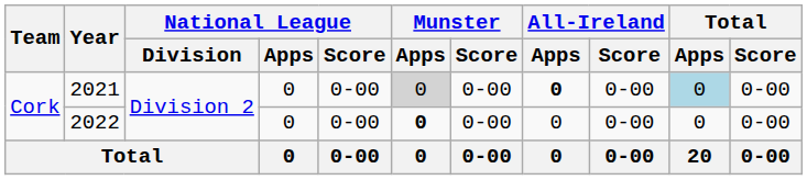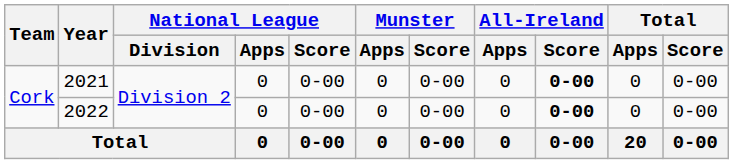 <table class="wikitable" style="text-align:center">
 <tr>
 <th rowspan="2">Team</th>
 <th rowspan="2">Year</th>
 <th colspan="3"><a href='#'>National League</a></th>
 <th colspan="2"><a href='#'>Munster</a></th>
 <th colspan="2"><a href='#'>All-Ireland</a></th>
 <th colspan="2">Total</th>
 </tr>
 <tr>
 <th>Division</th>
 <th>Apps</th>
 <th>Score</th>
 <th>Apps</th>
 <th>Score</th>
 <th>Apps</th>
 <th>Score</th>
 <th>Apps</th>
 <th>Score</th>
 </tr>
 <tr>
 <td rowspan="2"><a href='#'>Cork</a></td>
 <td>2021</td>
 <td rowspan="2"><a href='#'>Division 2</a></td>
 <td>0</td>
 <td>0-00</td>
-<td style="background: lightgrey;">0</td>
+<td>0</td>
 <td>0-00</td>
-<td><strong>0</strong></td>
-<td>0-00</td>
-<td style="background: lightblue;">0</td>
+<td>0</td>
+<td><strong>0-00</strong></td>
+<td>0</td>
 <td>0-00</td>
 </tr>
 <tr>
 <td>2022</td>
 <td>0</td>
 <td>0-00</td>
-<td><strong>0</strong></td>
+<td>0</td>
 <td>0-00</td>
 <td>0</td>
-<td>0-00</td>
+<td><strong>0-00</strong></td>
 <td>0</td>
 <td>0-00</td>
 </tr>
 <tr>
 <th colspan="3">Total</th>
 <th>0</th>
 <th>0-00</th>
 <th>0</th>
 <th>0-00</th>
 <th>0</th>
 <th>0-00</th>
 <th>20</th>
 <th>0-00</th>
 </tr>
 </table>
